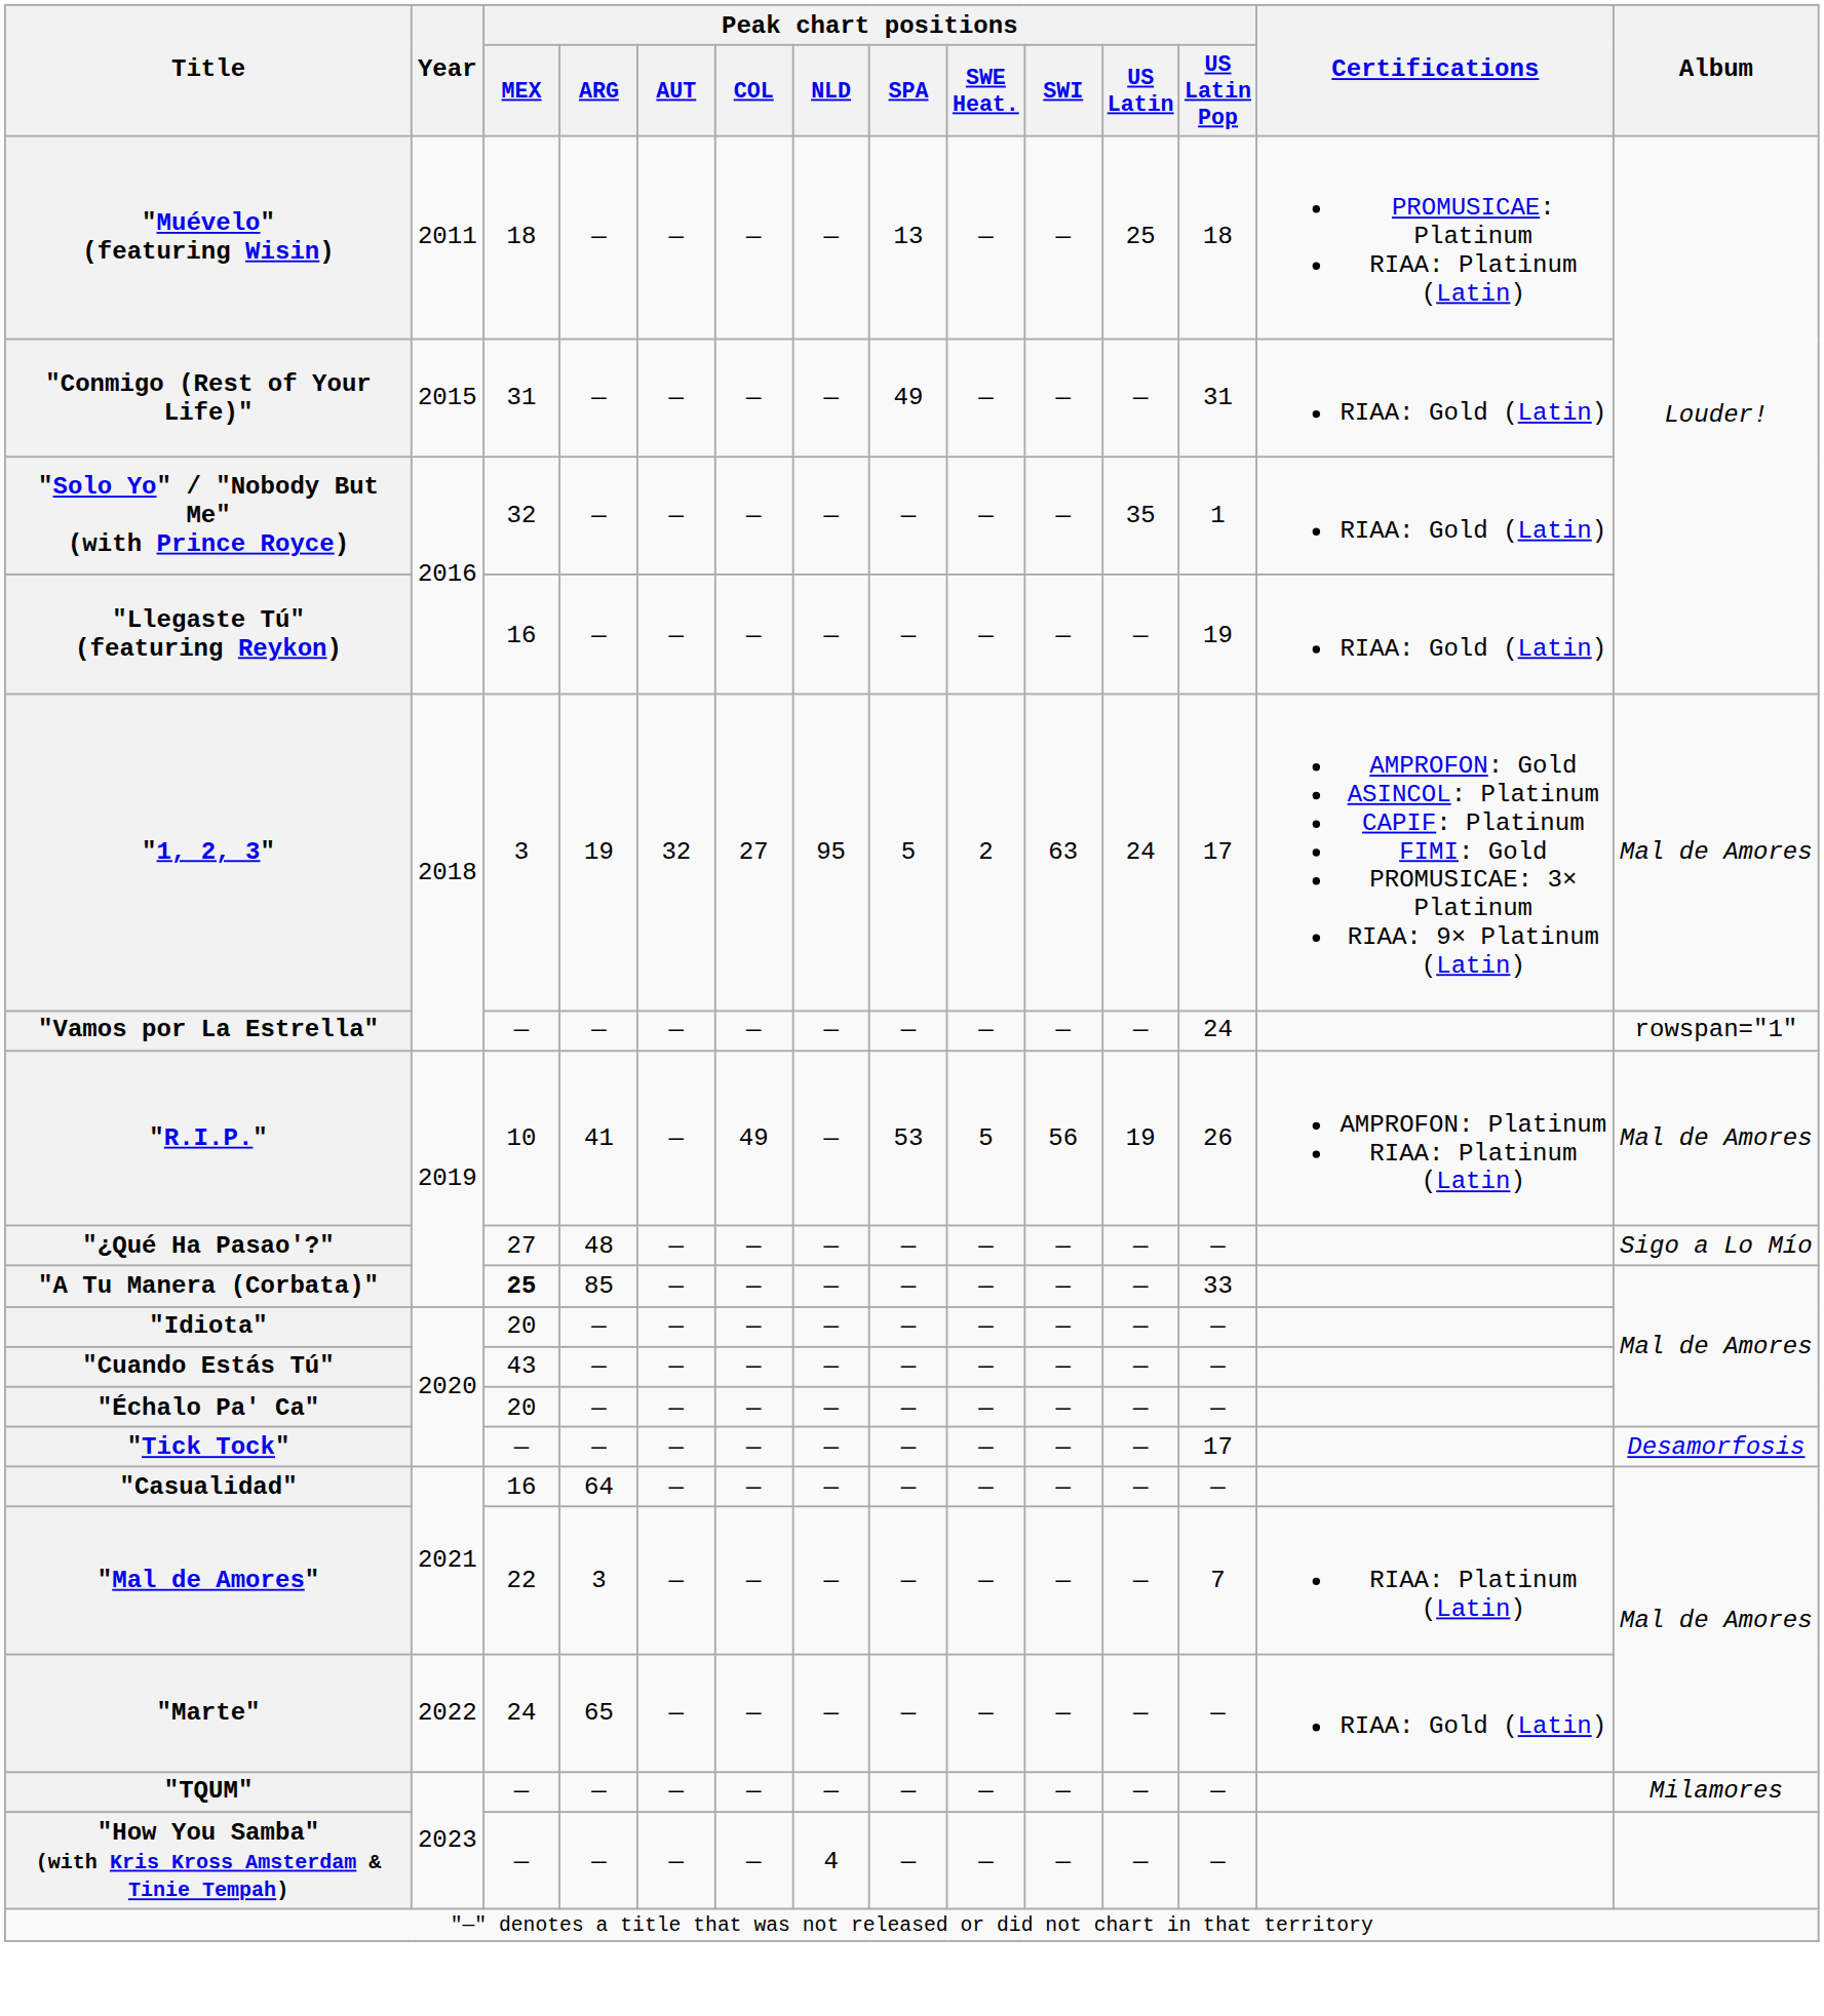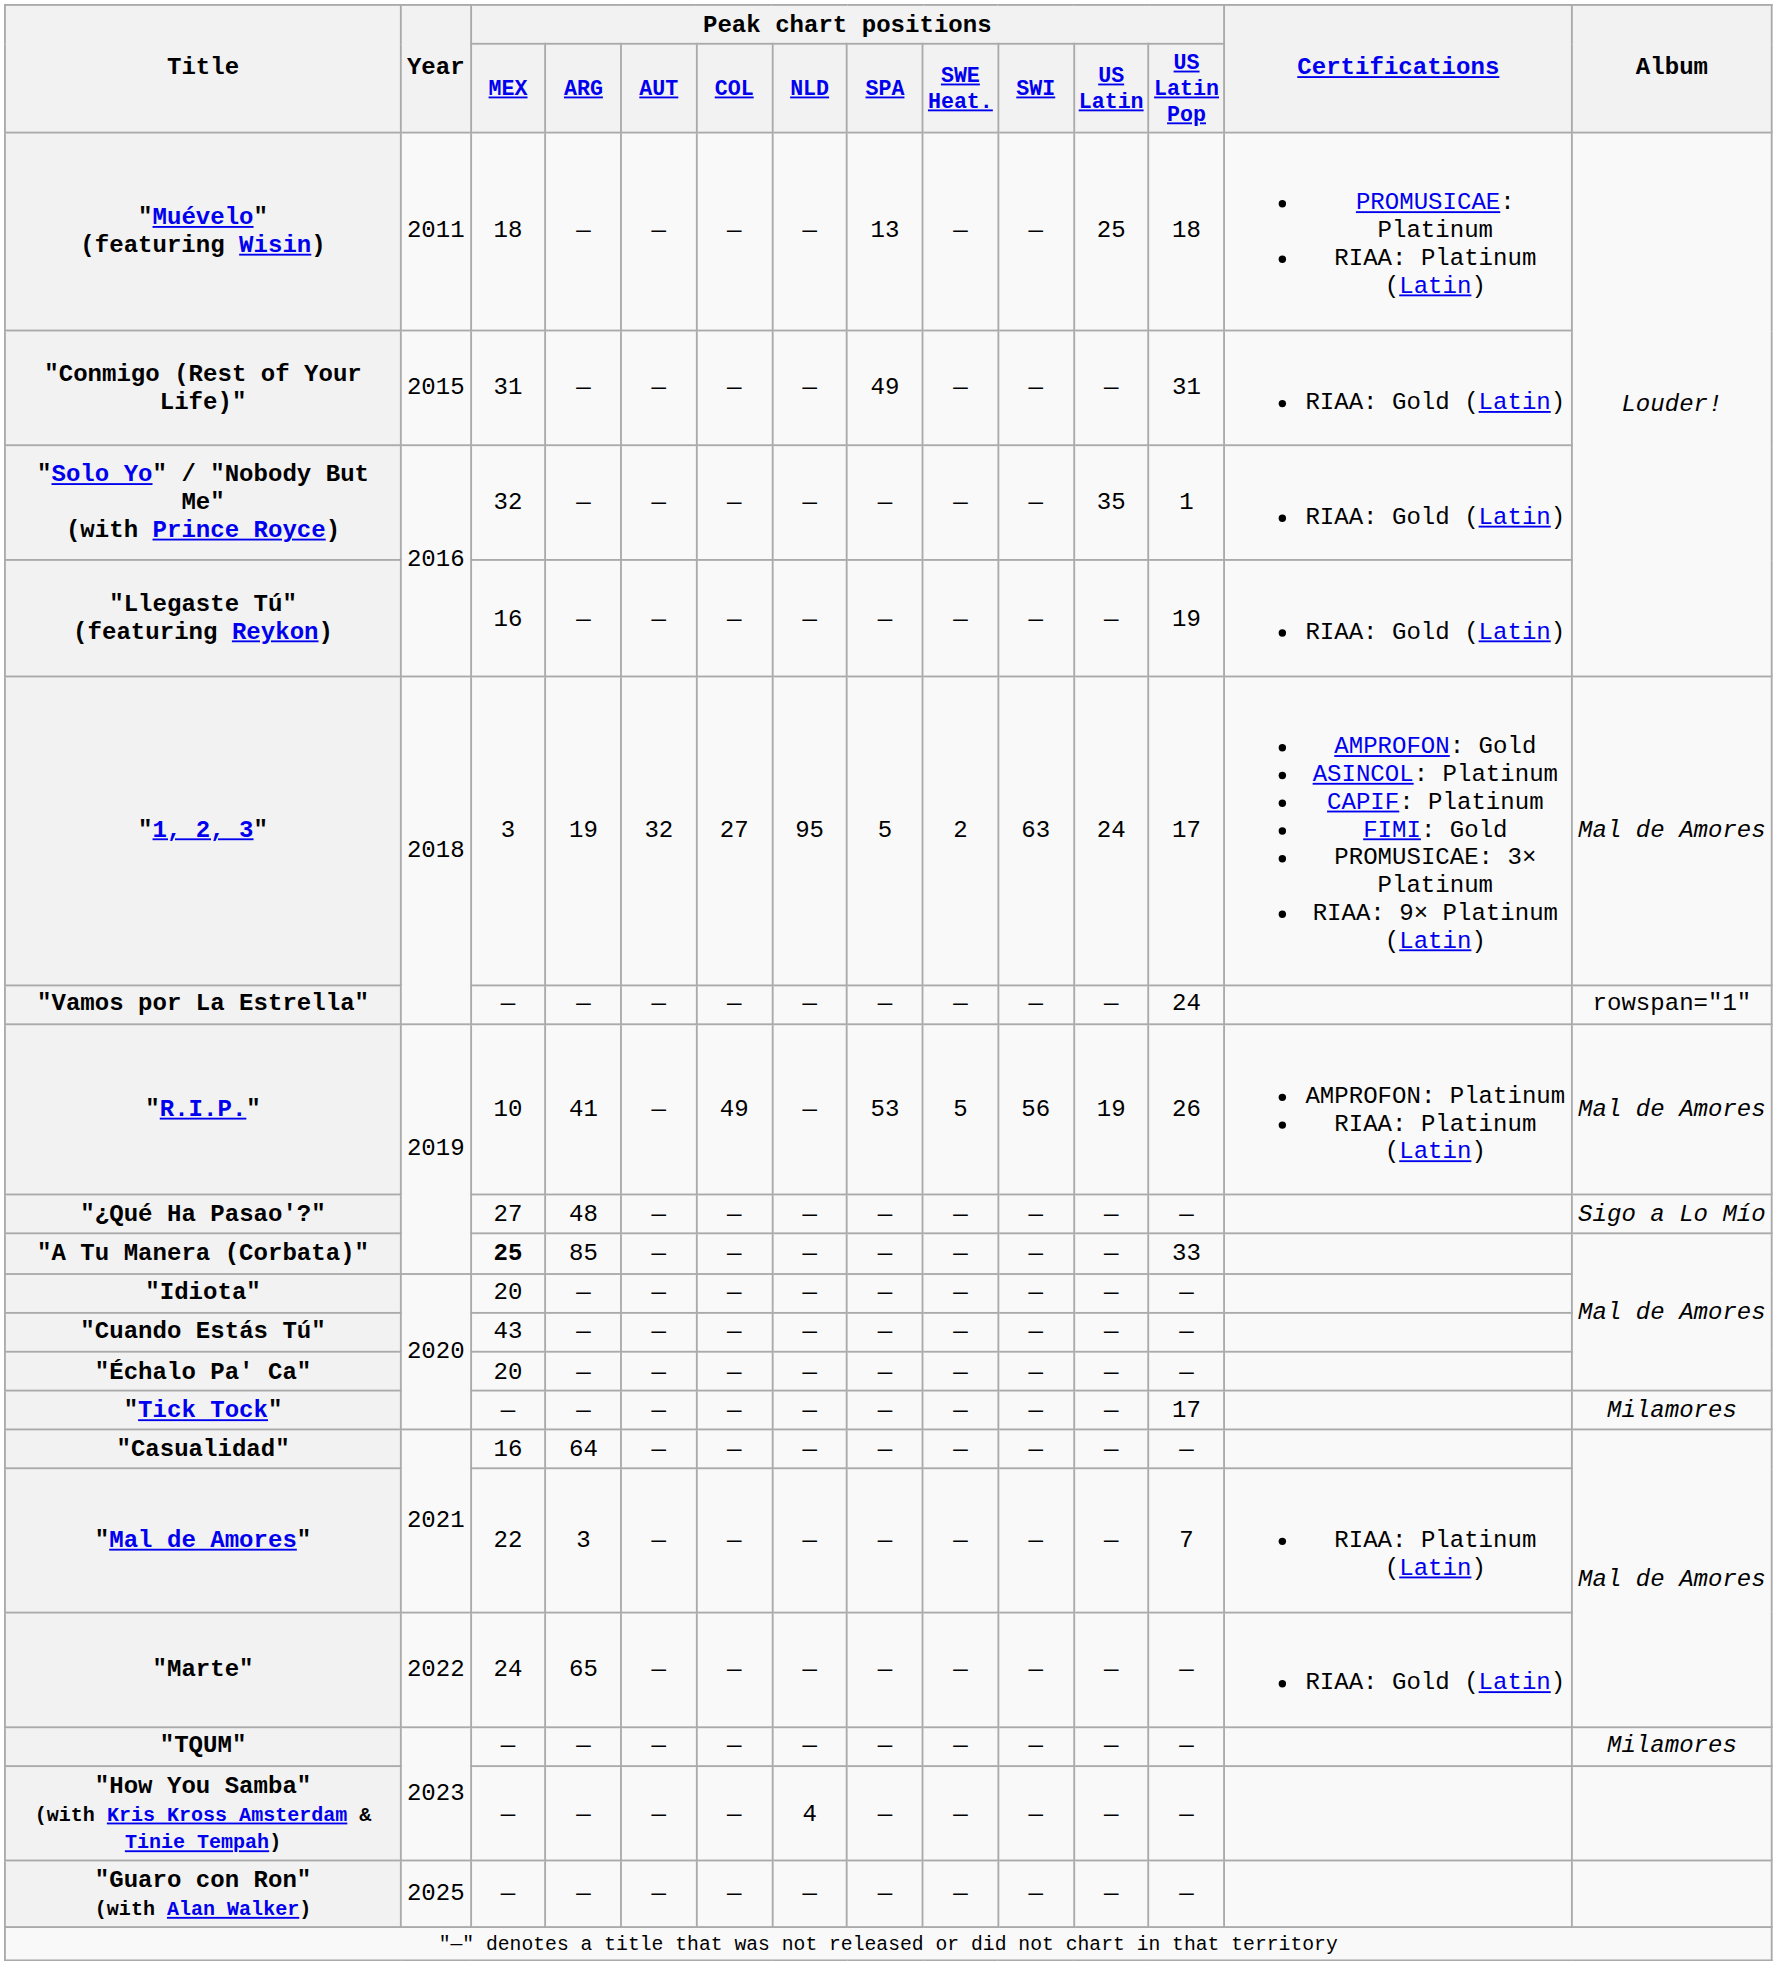 <table class="wikitable plainrowheaders" style="text-align:center;">
 <tr>
 <th scope="col" rowspan="2" style="width:16em;">Title</th>
 <th scope="col" rowspan="2">Year</th>
 <th scope="col" colspan="10">Peak chart positions</th>
 <th scope="col" rowspan="2" style="width:14em;"><a href='#'>Certifications</a></th>
 <th scope="col" rowspan="2">Album</th>
 </tr>
 <tr>
 <th scope="col" style="width:3em;font-size:90%;"><a href='#'>MEX</a><br></th>
 <th scope="col" style="width:3em;font-size:90%;"><a href='#'>ARG</a><br></th>
 <th scope="col" style="width:3em;font-size:90%;"><a href='#'>AUT</a><br></th>
 <th scope="col" style="width:3em;font-size:90%;"><a href='#'>COL</a> <br></th>
 <th scope="col" style="width:3em;font-size:90%;"><a href='#'>NLD</a><br></th>
 <th scope="col" style="width:3em;font-size:90%;"><a href='#'>SPA</a><br></th>
 <th scope="col" style="width:3em;font-size:90%;"><a href='#'>SWE<br>Heat.</a><br></th>
 <th scope="col" style="width:3em;font-size:90%;"><a href='#'>SWI</a><br></th>
 <th scope="col" style="width:3em;font-size:90%;"><a href='#'>US<br>Latin</a><br></th>
 <th scope="col" style="width:3em;font-size:90%;"><a href='#'>US<br>Latin<br>Pop</a><br></th>
 </tr>
 <tr>
 <th scope="row">"<a href='#'>Muévelo</a>" <br><span>(featuring <a href='#'>Wisin</a>)</span></th>
 <td>2011</td>
 <td>18</td>
 <td>—</td>
 <td>—</td>
 <td>—</td>
 <td>—</td>
 <td>13</td>
 <td>—</td>
 <td>—</td>
 <td>25</td>
 <td>18</td>
 <td><br><ul><li><a href='#'>PROMUSICAE</a>: Platinum</li><li>RIAA: Platinum (<a href='#'>Latin</a>)</li></ul></td>
 <td rowspan="4"><em>Louder!</em></td>
 </tr>
 <tr>
 <th scope="row">"Conmigo (Rest of Your Life)"</th>
 <td>2015</td>
 <td>31</td>
 <td>—</td>
 <td>—</td>
 <td>—</td>
 <td>—</td>
 <td>49</td>
 <td>—</td>
 <td>—</td>
 <td>—</td>
 <td>31</td>
 <td><br><ul><li>RIAA: Gold (<a href='#'>Latin</a>)</li></ul></td>
 </tr>
 <tr>
 <th scope="row">"<a href='#'>Solo Yo</a>" / "Nobody But Me" <br><span>(with <a href='#'>Prince Royce</a>)</span></th>
 <td rowspan="2">2016</td>
 <td>32</td>
 <td>—</td>
 <td>—</td>
 <td>—</td>
 <td>—</td>
 <td>—</td>
 <td>—</td>
 <td>—</td>
 <td>35</td>
 <td>1</td>
 <td><br><ul><li>RIAA: Gold (<a href='#'>Latin</a>)</li></ul></td>
 </tr>
 <tr>
 <th scope="row">"Llegaste Tú" <br><span>(featuring <a href='#'>Reykon</a>)</span></th>
 <td>16</td>
 <td>—</td>
 <td>—</td>
 <td>—</td>
 <td>—</td>
 <td>—</td>
 <td>—</td>
 <td>—</td>
 <td>—</td>
 <td>19</td>
 <td><br><ul><li>RIAA: Gold (<a href='#'>Latin</a>)</li></ul></td>
 </tr>
 <tr>
 <th scope="row">"<a href='#'>1, 2, 3</a>"<br></th>
 <td rowspan="2">2018</td>
 <td>3</td>
 <td>19</td>
 <td>32</td>
 <td>27</td>
 <td>95</td>
 <td>5</td>
 <td>2</td>
 <td>63</td>
 <td>24</td>
 <td>17</td>
 <td><br><ul><li><a href='#'>AMPROFON</a>: Gold</li><li><a href='#'>ASINCOL</a>: Platinum</li><li><a href='#'>CAPIF</a>: Platinum</li><li><a href='#'>FIMI</a>: Gold</li><li>PROMUSICAE: 3× Platinum</li><li>RIAA: 9× Platinum (<a href='#'>Latin</a>)</li></ul></td>
 <td rowspan="1"><em>Mal de Amores</em></td>
 </tr>
 <tr>
 <th scope="row">"Vamos por La Estrella"<br></th>
 <td>—</td>
 <td>—</td>
 <td>—</td>
 <td>—</td>
 <td>—</td>
 <td>—</td>
 <td>—</td>
 <td>—</td>
 <td>—</td>
 <td>24</td>
 <td></td>
 <td>rowspan="1" </td>
 </tr>
 <tr>
 <th scope="row">"<a href='#'>R.I.P.</a>"<br></th>
 <td rowspan="3">2019</td>
 <td>10</td>
 <td>41</td>
 <td>—</td>
 <td>49</td>
 <td>—</td>
 <td>53</td>
 <td>5</td>
 <td>56</td>
 <td>19</td>
 <td>26</td>
 <td><br><ul><li>AMPROFON: Platinum</li><li>RIAA: Platinum (<a href='#'>Latin</a>)</li></ul></td>
 <td rowspan="1"><em>Mal de Amores</em></td>
 </tr>
 <tr>
 <th scope="row">"¿Qué Ha Pasao'?"<br></th>
 <td>27</td>
 <td>48</td>
 <td>—</td>
 <td>—</td>
 <td>—</td>
 <td>—</td>
 <td>—</td>
 <td>—</td>
 <td>—</td>
 <td>—</td>
 <td></td>
 <td><em>Sigo a Lo Mío</em></td>
 </tr>
 <tr>
 <th scope="row">"A Tu Manera (Corbata)"<br></th>
 <td><strong>25</strong></td>
 <td>85</td>
 <td>—</td>
 <td>—</td>
 <td>—</td>
 <td>—</td>
 <td>—</td>
 <td>—</td>
 <td>—</td>
 <td>33</td>
 <td></td>
 <td rowspan="4"><em>Mal de Amores</em></td>
 </tr>
 <tr>
 <th scope="row">"Idiota"</th>
 <td rowspan="4">2020</td>
 <td>20</td>
 <td>—</td>
 <td>—</td>
 <td>—</td>
 <td>—</td>
 <td>—</td>
 <td>—</td>
 <td>—</td>
 <td>—</td>
 <td>—</td>
 <td></td>
 </tr>
 <tr>
 <th scope="row">"Cuando Estás Tú" <br></th>
 <td>43</td>
 <td>—</td>
 <td>—</td>
 <td>—</td>
 <td>—</td>
 <td>—</td>
 <td>—</td>
 <td>—</td>
 <td>—</td>
 <td>—</td>
 <td></td>
 </tr>
 <tr>
 <th scope="row">"Échalo Pa' Ca" <br></th>
 <td>20</td>
 <td>—</td>
 <td>—</td>
 <td>—</td>
 <td>—</td>
 <td>—</td>
 <td>—</td>
 <td>—</td>
 <td>—</td>
 <td>—</td>
 <td></td>
 </tr>
 <tr>
 <th scope="row">"<a href='#'>Tick Tock</a>"<br></th>
 <td>—</td>
 <td>—</td>
 <td>—</td>
 <td>—</td>
 <td>—</td>
 <td>—</td>
 <td>—</td>
 <td>—</td>
 <td>—</td>
 <td>17</td>
 <td></td>
-<td><em><a href='#'>Desamorfosis</a></em></td>
+<td><em>Milamores</em></td>
 </tr>
 <tr>
 <th scope="row">"Casualidad"<br></th>
 <td rowspan="2">2021</td>
 <td>16</td>
 <td>64</td>
 <td>—</td>
 <td>—</td>
 <td>—</td>
 <td>—</td>
 <td>—</td>
 <td>—</td>
 <td>—</td>
 <td>—</td>
 <td></td>
 <td rowspan="3"><em>Mal de Amores</em></td>
 </tr>
 <tr>
 <th scope="row">"<a href='#'>Mal de Amores</a>"<br></th>
 <td>22</td>
 <td>3</td>
 <td>—</td>
 <td>—</td>
 <td>—</td>
 <td>—</td>
 <td>—</td>
 <td>—</td>
 <td>—</td>
 <td>7</td>
 <td><br><ul><li>RIAA: Platinum (<a href='#'>Latin</a>)</li></ul></td>
 </tr>
 <tr>
 <th scope="row">"Marte"<br></th>
 <td>2022</td>
 <td>24</td>
 <td>65</td>
 <td>—</td>
 <td>—</td>
 <td>—</td>
 <td>—</td>
 <td>—</td>
 <td>—</td>
 <td>—</td>
 <td>—</td>
 <td><br><ul><li>RIAA: Gold (<a href='#'>Latin</a>)</li></ul></td>
 </tr>
 <tr>
 <th scope="row">"TQUM"<br></th>
 <td rowspan="2">2023</td>
 <td>—</td>
 <td>—</td>
 <td>—</td>
 <td>—</td>
 <td>—</td>
 <td>—</td>
 <td>—</td>
 <td>—</td>
 <td>—</td>
 <td>—</td>
 <td></td>
 <td><em>Milamores</em></td>
 </tr>
 <tr>
 <th scope="row">"How You Samba"<br><small>(with <a href='#'>Kris Kross Amsterdam</a> & <a href='#'>Tinie Tempah</a>)</small></th>
 <td>—</td>
 <td>—</td>
 <td>—</td>
 <td>—</td>
 <td>4</td>
 <td>—</td>
 <td>—</td>
 <td>—</td>
 <td>—</td>
 <td>—</td>
 <td></td>
 <td></td>
 </tr>
 <tr>
+<th scope="row">"Guaro con Ron"<br><small>(with <a href='#'>Alan Walker</a>)</small></th>
+<td>2025</td>
+<td>—</td>
+<td>—</td>
+<td>—</td>
+<td>—</td>
+<td>—</td>
+<td>—</td>
+<td>—</td>
+<td>—</td>
+<td>—</td>
+<td>—</td>
+<td></td>
+<td></td>
+</tr>
+<tr>
 <td colspan="14" style="text-align:center; font-size:8pt;">"—" denotes a title that was not released or did not chart in that territory</td>
 </tr>
 </table>
